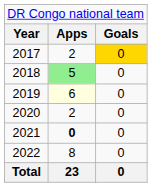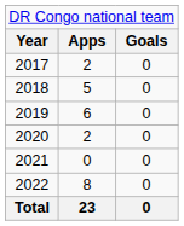 <table class="wikitable" style="text-align:center">
 <tr>
 <td colspan="3"><a href='#'>DR Congo national team</a></td>
 </tr>
 <tr>
 <th>Year</th>
 <th>Apps</th>
 <th>Goals</th>
 </tr>
 <tr>
 <td>2017</td>
 <td>2</td>
-<td style="background: gold;">0</td>
+<td>0</td>
 </tr>
 <tr>
 <td>2018</td>
-<td style="background: lightgreen;">5</td>
+<td>5</td>
 <td>0</td>
 </tr>
 <tr>
 <td>2019</td>
-<td style="background: lightyellow;">6</td>
+<td>6</td>
 <td>0</td>
 </tr>
 <tr>
 <td>2020</td>
 <td>2</td>
 <td>0</td>
 </tr>
 <tr>
 <td>2021</td>
-<td><strong>0</strong></td>
+<td>0</td>
 <td>0</td>
 </tr>
 <tr>
 <td>2022</td>
 <td>8</td>
 <td>0</td>
 </tr>
 <tr>
 <th>Total</th>
 <th>23</th>
 <th>0</th>
 </tr>
 </table>
